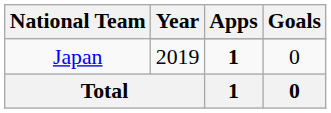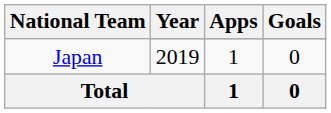 <table class="wikitable" style="text-align:center">
 <tr>
 <th>National Team</th>
 <th>Year</th>
 <th>Apps</th>
 <th>Goals</th>
 </tr>
 <tr>
 <td rowspan="2"><a href='#'>Japan</a></td>
 </tr>
 <tr>
 <td>2019</td>
-<td><strong>1</strong></td>
+<td>1</td>
 <td>0</td>
 </tr>
 <tr>
 <th colspan="2">Total</th>
 <th>1</th>
 <th>0</th>
 </tr>
 </table>
